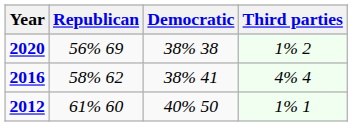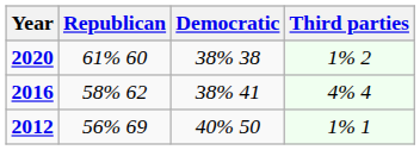 <table class="wikitable" style="float:right; font-size:95%;">
 <tr bgcolor=lightgrey>
 <th>Year</th>
 <th><a href='#'>Republican</a></th>
 <th><a href='#'>Democratic</a></th>
 <th><a href='#'>Third parties</a></th>
 </tr>
 <tr>
 <td style="text-align:center; "><strong><a href='#'>2020</a></strong></td>
-<td style="text-align:center; "><em>56%</em> <em>69</em></td>
+<td style="text-align:center; "><em>61%</em> <em>60</em></td>
 <td style="text-align:center; "><em>38%</em> <em>38</em></td>
 <td style="text-align:center; background:honeyDew;"><em>1%</em> <em>2</em></td>
 </tr>
 <tr>
 <td style="text-align:center; "><strong><a href='#'>2016</a></strong></td>
 <td style="text-align:center; "><em>58%</em> <em>62</em></td>
 <td style="text-align:center; "><em>38%</em> <em>41</em></td>
 <td style="text-align:center; background:honeyDew;"><em>4%</em> <em>4</em></td>
 </tr>
 <tr>
 <td style="text-align:center; "><strong><a href='#'>2012</a></strong></td>
-<td style="text-align:center; "><em>61%</em> <em>60</em></td>
+<td style="text-align:center; "><em>56%</em> <em>69</em></td>
 <td style="text-align:center; "><em>40%</em> <em>50</em></td>
 <td style="text-align:center; background:honeyDew;"><em>1%</em> <em>1</em></td>
 </tr>
 </table>
